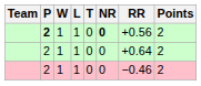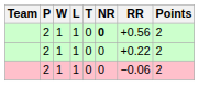 <table class="wikitable">
 <tr>
 <th>Team</th>
 <th>P</th>
 <th>W</th>
 <th>L</th>
 <th>T</th>
 <th>NR</th>
 <th>RR</th>
 <th>Points</th>
 </tr>
 <tr bgcolor=ccffcc>
 <td align=left></td>
-<td><strong>2</strong></td>
+<td>2</td>
 <td>1</td>
 <td>1</td>
 <td>0</td>
 <td><strong>0</strong></td>
 <td>+0.56</td>
 <td>2</td>
 </tr>
 <tr bgcolor=ccffcc>
 <td align=left></td>
 <td>2</td>
 <td>1</td>
 <td>1</td>
 <td>0</td>
 <td>0</td>
-<td>+0.64</td>
+<td>+0.22</td>
 <td>2</td>
 </tr>
 <tr bgcolor=pink>
 <td align=left></td>
 <td>2</td>
 <td>1</td>
 <td>1</td>
 <td>0</td>
 <td>0</td>
-<td>−0.46</td>
+<td>−0.06</td>
 <td>2</td>
 </tr>
 </table>
